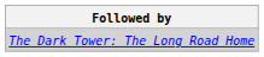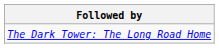 <table class="wikitable">
 <tr>
 <th><small><strong>Followed by</strong></small></th>
 </tr>
 <tr>
-<td style="background: lightgrey;"><small><em><a href='#'>The Dark Tower: The Long Road Home</a></em></small></td>
+<td><small><em><a href='#'>The Dark Tower: The Long Road Home</a></em></small></td>
 </tr>
 </table>
